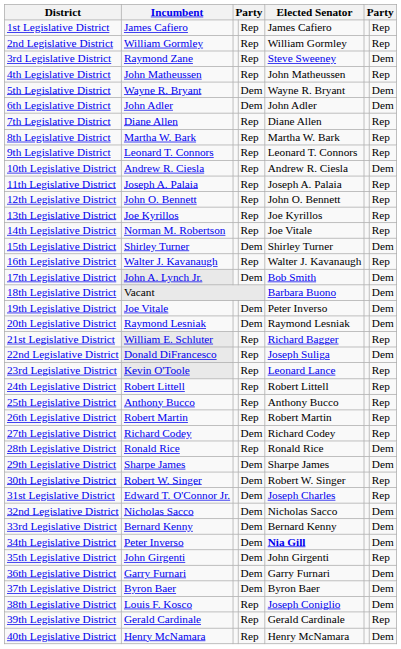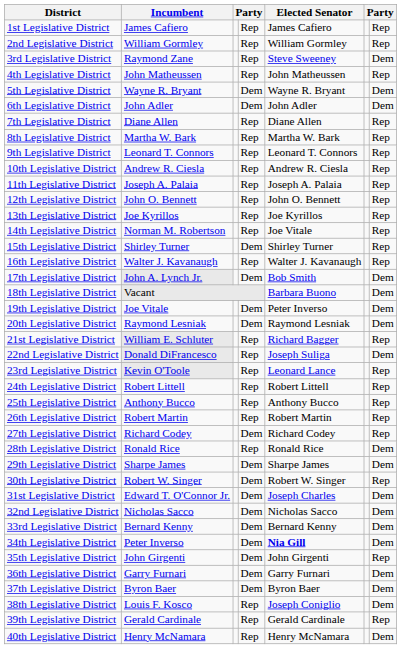 <table class="sortable wikitable" style="font-size:95%;line-height:14px;">
 <tr>
 <th>District</th>
 <th class="unsortable"><a href='#'>Incumbent</a></th>
 <th colspan="2">Party</th>
 <th class="unsortable">Elected Senator</th>
 <th colspan="2">Party</th>
 </tr>
 <tr>
 <td><a href='#'>1st Legislative District</a></td>
 <td><a href='#'>James Cafiero</a></td>
 <td style="background:"></td>
 <td>Rep</td>
 <td>James Cafiero</td>
 <td style="background:"></td>
 <td>Rep</td>
 </tr>
 <tr>
 <td><a href='#'>2nd Legislative District</a></td>
 <td><a href='#'>William Gormley</a></td>
 <td style="background:"></td>
 <td>Rep</td>
 <td>William Gormley</td>
 <td style="background:"></td>
 <td>Rep</td>
 </tr>
 <tr>
 <td><a href='#'>3rd Legislative District</a></td>
 <td><a href='#'>Raymond Zane</a></td>
 <td style="background:"></td>
 <td>Rep</td>
 <td><a href='#'>Steve Sweeney</a></td>
 <td style="background:"></td>
 <td>Dem</td>
 </tr>
 <tr>
 <td><a href='#'>4th Legislative District</a></td>
 <td><a href='#'>John Matheussen</a></td>
 <td style="background:"></td>
 <td>Rep</td>
 <td>John Matheussen</td>
 <td style="background:"></td>
 <td>Rep</td>
 </tr>
 <tr>
 <td><a href='#'>5th Legislative District</a></td>
 <td><a href='#'>Wayne R. Bryant</a></td>
 <td style="background:"></td>
 <td>Dem</td>
 <td>Wayne R. Bryant</td>
 <td style="background:"></td>
 <td>Dem</td>
 </tr>
 <tr>
 <td><a href='#'>6th Legislative District</a></td>
 <td><a href='#'>John Adler</a></td>
 <td style="background:"></td>
 <td>Dem</td>
 <td>John Adler</td>
 <td style="background:"></td>
 <td>Dem</td>
 </tr>
 <tr>
 <td><a href='#'>7th Legislative District</a></td>
 <td><a href='#'>Diane Allen</a></td>
 <td style="background:"></td>
 <td>Rep</td>
 <td>Diane Allen</td>
 <td style="background:"></td>
 <td>Rep</td>
 </tr>
 <tr>
 <td><a href='#'>8th Legislative District</a></td>
 <td><a href='#'>Martha W. Bark</a></td>
 <td style="background:"></td>
 <td>Rep</td>
 <td>Martha W. Bark</td>
 <td style="background:"></td>
 <td>Rep</td>
 </tr>
 <tr>
 <td><a href='#'>9th Legislative District</a></td>
 <td><a href='#'>Leonard T. Connors</a></td>
 <td style="background:"></td>
 <td>Rep</td>
 <td>Leonard T. Connors</td>
 <td style="background:"></td>
 <td>Rep</td>
 </tr>
 <tr>
 <td><a href='#'>10th Legislative District</a></td>
 <td><a href='#'>Andrew R. Ciesla</a></td>
 <td style="background:"></td>
 <td>Rep</td>
 <td>Andrew R. Ciesla</td>
 <td style="background:"></td>
-<td>Dem</td>
+<td>Rep</td>
 </tr>
 <tr>
 <td><a href='#'>11th Legislative District</a></td>
 <td><a href='#'>Joseph A. Palaia</a></td>
 <td style="background:"></td>
 <td>Rep</td>
 <td>Joseph A. Palaia</td>
 <td style="background:"></td>
 <td>Rep</td>
 </tr>
 <tr>
 <td><a href='#'>12th Legislative District</a></td>
 <td><a href='#'>John O. Bennett</a></td>
 <td style="background:"></td>
 <td>Rep</td>
 <td>John O. Bennett</td>
 <td style="background:"></td>
 <td>Rep</td>
 </tr>
 <tr>
 <td><a href='#'>13th Legislative District</a></td>
 <td><a href='#'>Joe Kyrillos</a></td>
 <td style="background:"></td>
 <td>Rep</td>
 <td>Joe Kyrillos</td>
 <td style="background:"></td>
 <td>Rep</td>
 </tr>
 <tr>
 <td><a href='#'>14th Legislative District</a></td>
 <td><a href='#'>Norman M. Robertson</a></td>
 <td style="background:"></td>
 <td>Rep</td>
 <td>Joe Vitale</td>
 <td style="background:"></td>
 <td>Rep</td>
 </tr>
 <tr>
 <td><a href='#'>15th Legislative District</a></td>
 <td><a href='#'>Shirley Turner</a></td>
 <td style="background:"></td>
 <td>Dem</td>
 <td>Shirley Turner</td>
 <td style="background:"></td>
-<td>Dem</td>
+<td>Rep</td>
 </tr>
 <tr>
 <td><a href='#'>16th Legislative District</a></td>
 <td><a href='#'>Walter J. Kavanaugh</a></td>
 <td style="background:"></td>
 <td>Rep</td>
 <td>Walter J. Kavanaugh</td>
 <td style="background:"></td>
 <td>Rep</td>
 </tr>
 <tr>
 <td><a href='#'>17th Legislative District</a></td>
 <td style="background:#E9E9E9;"><a href='#'>John A. Lynch Jr.</a></td>
 <td style="background:"></td>
 <td>Dem</td>
 <td><a href='#'>Bob Smith</a></td>
 <td style="background:"></td>
 <td>Dem</td>
 </tr>
 <tr>
 <td><a href='#'>18th Legislative District</a></td>
 <td style="background:#E9E9E9;" colspan="3">Vacant</td>
 <td><a href='#'>Barbara Buono</a></td>
 <td style="background:"></td>
 <td>Dem</td>
 </tr>
 <tr>
 <td><a href='#'>19th Legislative District</a></td>
 <td><a href='#'>Joe Vitale</a></td>
 <td style="background:"></td>
 <td>Dem</td>
 <td>Peter Inverso</td>
 <td style="background:"></td>
 <td>Dem</td>
 </tr>
 <tr>
 <td><a href='#'>20th Legislative District</a></td>
 <td><a href='#'>Raymond Lesniak</a></td>
 <td style="background:"></td>
 <td>Dem</td>
 <td>Raymond Lesniak</td>
 <td style="background:"></td>
 <td>Dem</td>
 </tr>
 <tr>
 <td><a href='#'>21st Legislative District</a></td>
 <td style="background:#E9E9E9;"><a href='#'>William E. Schluter</a></td>
 <td style="background:"></td>
 <td>Rep</td>
 <td><a href='#'>Richard Bagger</a></td>
 <td style="background:"></td>
 <td>Rep</td>
 </tr>
 <tr>
 <td><a href='#'>22nd Legislative District</a></td>
 <td style="background:#E9E9E9;"><a href='#'>Donald DiFrancesco</a></td>
 <td style="background:"></td>
 <td>Rep</td>
 <td><a href='#'>Joseph Suliga</a></td>
 <td style="background:"></td>
 <td>Dem</td>
 </tr>
 <tr>
 <td><a href='#'>23rd Legislative District</a></td>
 <td style="background:#E9E9E9;"><a href='#'>Kevin O'Toole</a></td>
 <td style="background:"></td>
 <td>Rep</td>
 <td><a href='#'>Leonard Lance</a></td>
 <td style="background:"></td>
 <td>Rep</td>
 </tr>
 <tr>
 <td><a href='#'>24th Legislative District</a></td>
 <td><a href='#'>Robert Littell</a></td>
 <td style="background:"></td>
 <td>Rep</td>
 <td>Robert Littell</td>
 <td style="background:"></td>
 <td>Rep</td>
 </tr>
 <tr>
 <td><a href='#'>25th Legislative District</a></td>
 <td><a href='#'>Anthony Bucco</a></td>
 <td style="background:"></td>
 <td>Rep</td>
 <td>Anthony Bucco</td>
 <td style="background:"></td>
 <td>Rep</td>
 </tr>
 <tr>
 <td><a href='#'>26th Legislative District</a></td>
 <td><a href='#'>Robert Martin</a></td>
 <td style="background:"></td>
 <td>Rep</td>
 <td>Robert Martin</td>
 <td style="background:"></td>
 <td>Rep</td>
 </tr>
 <tr>
 <td><a href='#'>27th Legislative District</a></td>
 <td><a href='#'>Richard Codey</a></td>
 <td style="background:"></td>
 <td>Dem</td>
 <td>Richard Codey</td>
 <td style="background:"></td>
 <td>Rep</td>
 </tr>
 <tr>
 <td><a href='#'>28th Legislative District</a></td>
 <td><a href='#'>Ronald Rice</a></td>
 <td style="background:"></td>
 <td>Rep</td>
 <td>Ronald Rice</td>
 <td style="background:"></td>
 <td>Dem</td>
 </tr>
 <tr>
 <td><a href='#'>29th Legislative District</a></td>
 <td><a href='#'>Sharpe James</a></td>
 <td style="background:"></td>
 <td>Dem</td>
 <td>Sharpe James</td>
 <td style="background:"></td>
 <td>Dem</td>
 </tr>
 <tr>
 <td><a href='#'>30th Legislative District</a></td>
 <td><a href='#'>Robert W. Singer</a></td>
 <td style="background:"></td>
 <td>Dem</td>
 <td>Robert W. Singer</td>
 <td style="background:"></td>
 <td>Rep</td>
 </tr>
 <tr>
 <td><a href='#'>31st Legislative District</a></td>
 <td><a href='#'>Edward T. O'Connor Jr.</a></td>
 <td style="background:"></td>
 <td>Dem</td>
 <td><a href='#'>Joseph Charles</a></td>
 <td style="background:"></td>
-<td>Rep</td>
+<td>Dem</td>
 </tr>
 <tr>
 <td><a href='#'>32nd Legislative District</a></td>
 <td><a href='#'>Nicholas Sacco</a></td>
 <td style="background:"></td>
 <td>Dem</td>
 <td>Nicholas Sacco</td>
 <td style="background:"></td>
 <td>Dem</td>
 </tr>
 <tr>
 <td><a href='#'>33rd Legislative District</a></td>
 <td><a href='#'>Bernard Kenny</a></td>
 <td style="background:"></td>
 <td>Dem</td>
 <td>Bernard Kenny</td>
 <td style="background:"></td>
 <td>Dem</td>
 </tr>
 <tr>
 <td><a href='#'>34th Legislative District</a></td>
 <td><a href='#'>Peter Inverso</a></td>
 <td style="background:"></td>
 <td>Dem</td>
 <td><strong><a href='#'>Nia Gill</a></strong></td>
 <td style="background:"></td>
 <td>Dem</td>
 </tr>
 <tr>
 <td><a href='#'>35th Legislative District</a></td>
 <td><a href='#'>John Girgenti</a></td>
 <td style="background:"></td>
 <td>Dem</td>
 <td>John Girgenti</td>
 <td style="background:"></td>
 <td>Rep</td>
 </tr>
 <tr>
 <td><a href='#'>36th Legislative District</a></td>
 <td><a href='#'>Garry Furnari</a></td>
 <td style="background:"></td>
 <td>Dem</td>
 <td>Garry Furnari</td>
 <td style="background:"></td>
 <td>Dem</td>
 </tr>
 <tr>
 <td><a href='#'>37th Legislative District</a></td>
 <td><a href='#'>Byron Baer</a></td>
 <td style="background:"></td>
 <td>Dem</td>
 <td>Byron Baer</td>
 <td style="background:"></td>
 <td>Dem</td>
 </tr>
 <tr>
 <td><a href='#'>38th Legislative District</a></td>
 <td><a href='#'>Louis F. Kosco</a></td>
 <td style="background:"></td>
 <td>Rep</td>
 <td><a href='#'>Joseph Coniglio</a></td>
 <td style="background:"></td>
 <td>Dem</td>
 </tr>
 <tr>
 <td><a href='#'>39th Legislative District</a></td>
 <td><a href='#'>Gerald Cardinale</a></td>
 <td style="background:"></td>
 <td>Rep</td>
 <td>Gerald Cardinale</td>
 <td style="background:"></td>
 <td>Rep</td>
 </tr>
 <tr>
 <td><a href='#'>40th Legislative District</a></td>
 <td><a href='#'>Henry McNamara</a></td>
 <td style="background:"></td>
 <td>Rep</td>
 <td>Henry McNamara</td>
 <td style="background:"></td>
 <td>Dem</td>
 </tr>
 </table>
